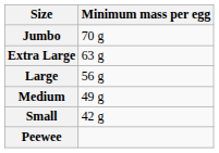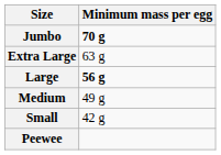 <table class="wikitable">
 <tr>
 <th>Size</th>
 <th>Minimum mass per egg</th>
 </tr>
 <tr>
 <th>Jumbo</th>
-<td>70 g</td>
+<td><strong>70 g</strong></td>
 </tr>
 <tr>
 <th>Extra Large</th>
 <td>63 g</td>
 </tr>
 <tr>
 <th>Large</th>
-<td>56 g</td>
+<td><strong>56 g</strong></td>
 </tr>
 <tr>
 <th>Medium</th>
 <td>49 g</td>
 </tr>
 <tr>
 <th>Small</th>
 <td>42 g</td>
 </tr>
 <tr>
 <th>Peewee</th>
 <td></td>
 </tr>
 </table>
